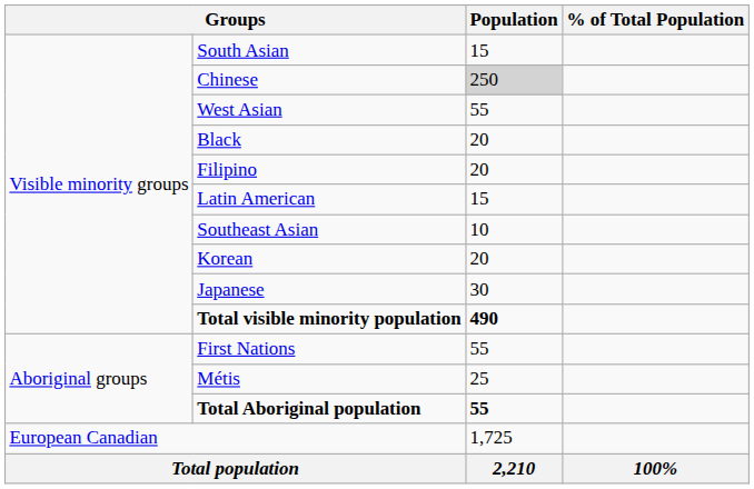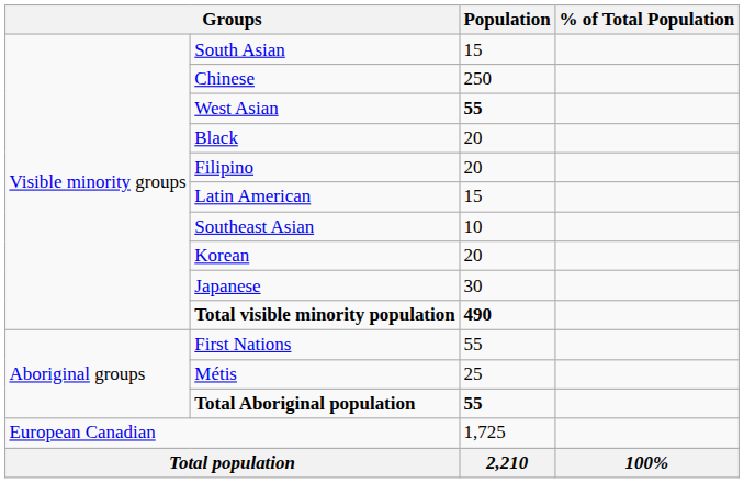 <table class="wikitable">
 <tr>
 <th colspan="2">Groups</th>
 <th>Population</th>
 <th>% of Total Population</th>
 </tr>
 <tr>
 <td rowspan="10"><a href='#'>Visible minority</a> groups</td>
 <td><a href='#'>South Asian</a></td>
 <td>15</td>
 <td></td>
 </tr>
 <tr>
 <td><a href='#'>Chinese</a></td>
-<td style="background: lightgrey;">250</td>
+<td>250</td>
 <td></td>
 </tr>
 <tr>
 <td><a href='#'>West Asian</a></td>
-<td>55</td>
+<td><strong>55</strong></td>
 <td></td>
 </tr>
 <tr>
 <td><a href='#'>Black</a></td>
 <td>20</td>
 <td></td>
 </tr>
 <tr>
 <td><a href='#'>Filipino</a></td>
 <td>20</td>
 <td></td>
 </tr>
 <tr>
 <td><a href='#'>Latin American</a></td>
 <td>15</td>
 <td></td>
 </tr>
 <tr>
 <td><a href='#'>Southeast Asian</a></td>
 <td>10</td>
 <td></td>
 </tr>
 <tr>
 <td><a href='#'>Korean</a></td>
 <td>20</td>
 <td></td>
 </tr>
 <tr>
 <td><a href='#'>Japanese</a></td>
 <td>30</td>
 <td></td>
 </tr>
 <tr>
 <td><strong>Total visible minority population</strong></td>
 <td><strong>490</strong></td>
 <td><strong></strong></td>
 </tr>
 <tr>
 <td rowspan="3"><a href='#'>Aboriginal</a> groups</td>
 <td><a href='#'>First Nations</a></td>
 <td>55</td>
 <td></td>
 </tr>
 <tr>
 <td><a href='#'>Métis</a></td>
 <td>25</td>
 <td></td>
 </tr>
 <tr>
 <td><strong>Total Aboriginal population</strong></td>
 <td><strong>55</strong></td>
 <td><strong></strong></td>
 </tr>
 <tr>
 <td colspan="2"><a href='#'>European Canadian</a></td>
 <td>1,725</td>
 <td></td>
 </tr>
 <tr>
 <th colspan="2"><strong><em>Total population</em></strong></th>
 <th><strong><em>2,210</em></strong></th>
 <th><strong><em>100%</em></strong></th>
 </tr>
 </table>
